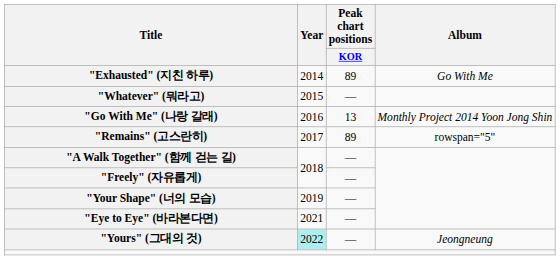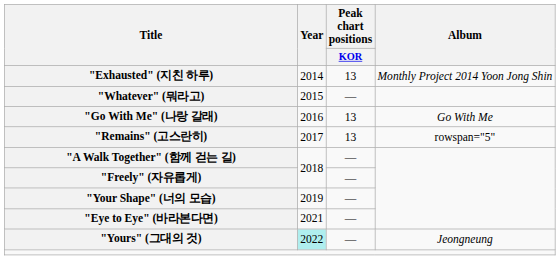 <table class="wikitable plainrowheaders" style="text-align:center;">
 <tr>
 <th rowspan="2" scope="col" style="width:25em;">Title</th>
 <th rowspan="2" scope="col">Year</th>
 <th colspan="1" scope="col">Peak chart positions</th>
 <th rowspan="2" scope="col">Album</th>
 </tr>
 <tr>
 <th scope="col" style="width:2.5em;font-size:90%;"><a href='#'>KOR</a><br></th>
 </tr>
 <tr>
 <th scope="row">"Exhausted" (지친 하루) </th>
 <td>2014</td>
-<td>89</td>
-<td><em>Go With Me</em></td>
+<td>13</td>
+<td><em>Monthly Project 2014 Yoon Jong Shin</em></td>
 </tr>
 <tr>
 <th scope="row">"Whatever" (뭐라고) </th>
 <td>2015</td>
 <td>—</td>
 <td></td>
 </tr>
 <tr>
 <th scope="row">"Go With Me" (나랑 갈래)</th>
 <td>2016</td>
 <td>13</td>
-<td><em>Monthly Project 2014 Yoon Jong Shin</em></td>
+<td><em>Go With Me</em></td>
 </tr>
 <tr>
 <th scope="row">"Remains" (고스란히)</th>
 <td>2017</td>
-<td>89</td>
+<td>13</td>
 <td>rowspan="5" </td>
 </tr>
 <tr>
 <th scope="row">"A Walk Together" (함께 걷는 길)</th>
 <td rowspan="2">2018</td>
 <td>—</td>
 </tr>
 <tr>
 <th scope="row">"Freely" (자유롭게)</th>
 <td>—</td>
 </tr>
 <tr>
 <th scope="row">"Your Shape" (너의 모습)</th>
 <td>2019</td>
 <td>—</td>
 </tr>
 <tr>
 <th scope="row">"Eye to Eye" (바라본다면)</th>
 <td>2021</td>
 <td>—</td>
 </tr>
 <tr>
 <th scope="row">"Yours" (그대의 것)</th>
 <td style="background: paleturquoise;">2022</td>
 <td>—</td>
 <td><em>Jeongneung</em></td>
 </tr>
 <tr>
 <td colspan="4"></td>
 </tr>
 </table>
